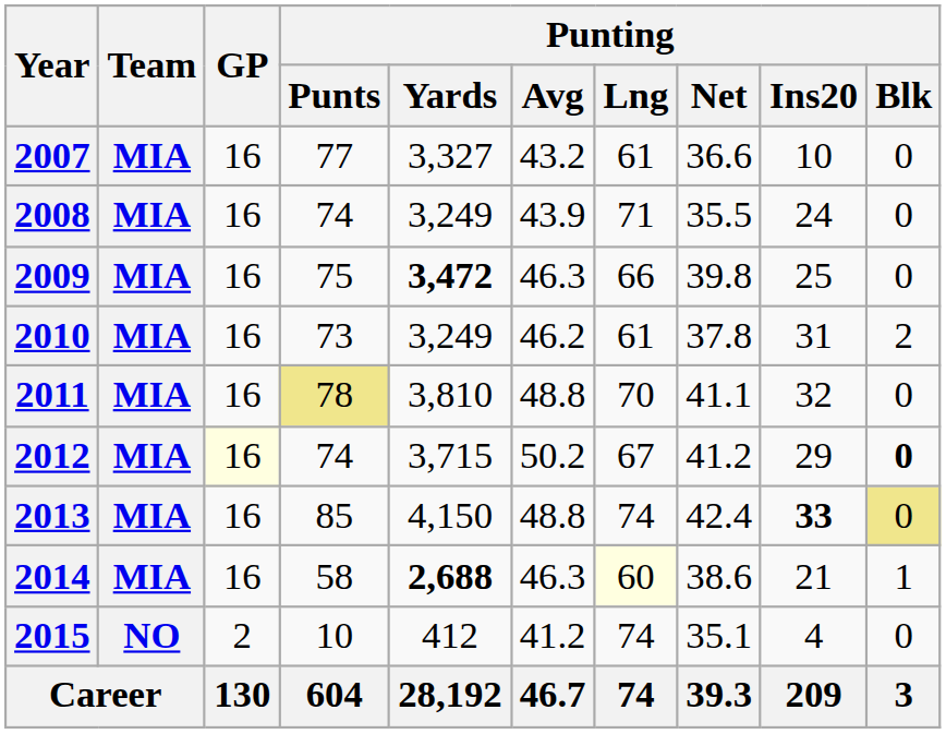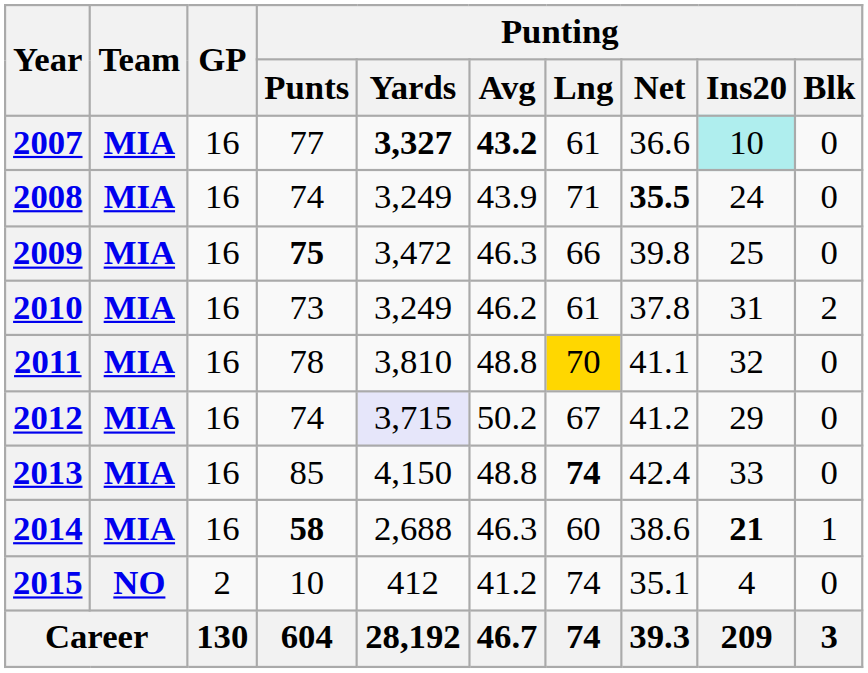 <table class="wikitable" style="text-align:center;">
 <tr>
 <th rowspan="2">Year</th>
 <th rowspan="2">Team</th>
 <th rowspan="2">GP</th>
 <th colspan="7">Punting</th>
 </tr>
 <tr>
 <th>Punts</th>
 <th>Yards</th>
 <th>Avg</th>
 <th>Lng</th>
 <th>Net</th>
 <th>Ins20</th>
 <th>Blk</th>
 </tr>
 <tr>
 <th><a href='#'>2007</a></th>
 <th><a href='#'>MIA</a></th>
 <td>16</td>
 <td>77</td>
-<td>3,327</td>
-<td>43.2</td>
+<td><strong>3,327</strong></td>
+<td><strong>43.2</strong></td>
 <td>61</td>
 <td>36.6</td>
-<td>10</td>
+<td style="background: paleturquoise;">10</td>
 <td>0</td>
 </tr>
 <tr>
 <th><a href='#'>2008</a></th>
 <th><a href='#'>MIA</a></th>
 <td>16</td>
 <td>74</td>
 <td>3,249</td>
 <td>43.9</td>
 <td>71</td>
-<td>35.5</td>
+<td><strong>35.5</strong></td>
 <td>24</td>
 <td>0</td>
 </tr>
 <tr>
 <th><a href='#'>2009</a></th>
 <th><a href='#'>MIA</a></th>
 <td>16</td>
-<td>75</td>
-<td><strong>3,472</strong></td>
+<td><strong>75</strong></td>
+<td>3,472</td>
 <td>46.3</td>
 <td>66</td>
 <td>39.8</td>
 <td>25</td>
 <td>0</td>
 </tr>
 <tr>
 <th><a href='#'>2010</a></th>
 <th><a href='#'>MIA</a></th>
 <td>16</td>
 <td>73</td>
 <td>3,249</td>
 <td>46.2</td>
 <td>61</td>
 <td>37.8</td>
 <td>31</td>
 <td>2</td>
 </tr>
 <tr>
 <th><a href='#'>2011</a></th>
 <th><a href='#'>MIA</a></th>
 <td>16</td>
-<td style="background: khaki;">78</td>
+<td>78</td>
 <td>3,810</td>
 <td>48.8</td>
-<td>70</td>
+<td style="background: gold;">70</td>
 <td>41.1</td>
 <td>32</td>
 <td>0</td>
 </tr>
 <tr>
 <th><a href='#'>2012</a></th>
 <th><a href='#'>MIA</a></th>
-<td style="background: lightyellow;">16</td>
+<td>16</td>
 <td>74</td>
-<td>3,715</td>
+<td style="background: lavender;">3,715</td>
 <td>50.2</td>
 <td>67</td>
 <td>41.2</td>
 <td>29</td>
-<td><strong>0</strong></td>
+<td>0</td>
 </tr>
 <tr>
 <th><a href='#'>2013</a></th>
 <th><a href='#'>MIA</a></th>
 <td>16</td>
 <td>85</td>
 <td>4,150</td>
 <td>48.8</td>
-<td>74</td>
+<td><strong>74</strong></td>
 <td>42.4</td>
-<td><strong>33</strong></td>
-<td style="background: khaki;">0</td>
+<td>33</td>
+<td>0</td>
 </tr>
 <tr>
 <th><a href='#'>2014</a></th>
 <th><a href='#'>MIA</a></th>
 <td>16</td>
-<td>58</td>
-<td><strong>2,688</strong></td>
+<td><strong>58</strong></td>
+<td>2,688</td>
 <td>46.3</td>
-<td style="background: lightyellow;">60</td>
+<td>60</td>
 <td>38.6</td>
-<td>21</td>
+<td><strong>21</strong></td>
 <td>1</td>
 </tr>
 <tr>
 <th><a href='#'>2015</a></th>
 <th><a href='#'>NO</a></th>
 <td>2</td>
 <td>10</td>
 <td>412</td>
 <td>41.2</td>
 <td>74</td>
 <td>35.1</td>
 <td>4</td>
 <td>0</td>
 </tr>
 <tr>
 <th colspan="2">Career</th>
 <th>130</th>
 <th>604</th>
 <th>28,192</th>
 <th>46.7</th>
 <th>74</th>
 <th>39.3</th>
 <th>209</th>
 <th>3</th>
 </tr>
 </table>
